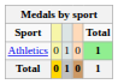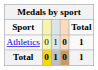 <table class="wikitable" style="font-size:85%">
 <tr style="background:#efefef;">
 <th colspan=7>Medals by sport</th>
 </tr>
 <tr align=center>
 <td><strong>Sport</strong></td>
 <td bgcolor=#f7f6a8></td>
 <td bgcolor=#dce5e5></td>
 <td bgcolor=#ffdab9></td>
 <td><strong>Total</strong></td>
 </tr>
 <tr align=center>
 <td><a href='#'>Athletics</a></td>
 <td style="background:#F7F6A8;">0</td>
 <td style="background:#DCE5E5;">1</td>
-<td style="background:#FFDAB9;">0</td>
-<td style="background: lightgreen;"><strong>1</strong></td>
+<td style="background:#FFDAB9;"><strong>0</strong></td>
+<td><strong>1</strong></td>
 </tr>
 <tr align=center>
 <th>Total</th>
 <th style="background:gold;">0</th>
 <th style="background:silver;">1</th>
 <th style="background:#c96;">0</th>
 <th>1</th>
 </tr>
 </table>
